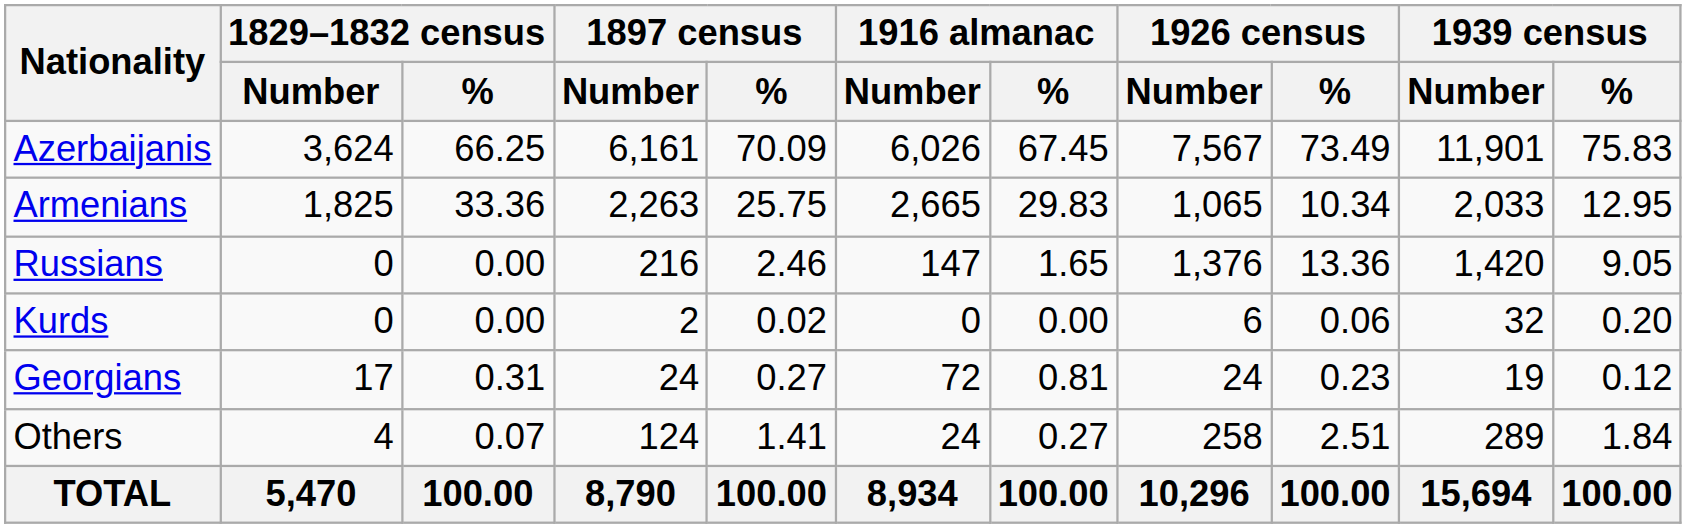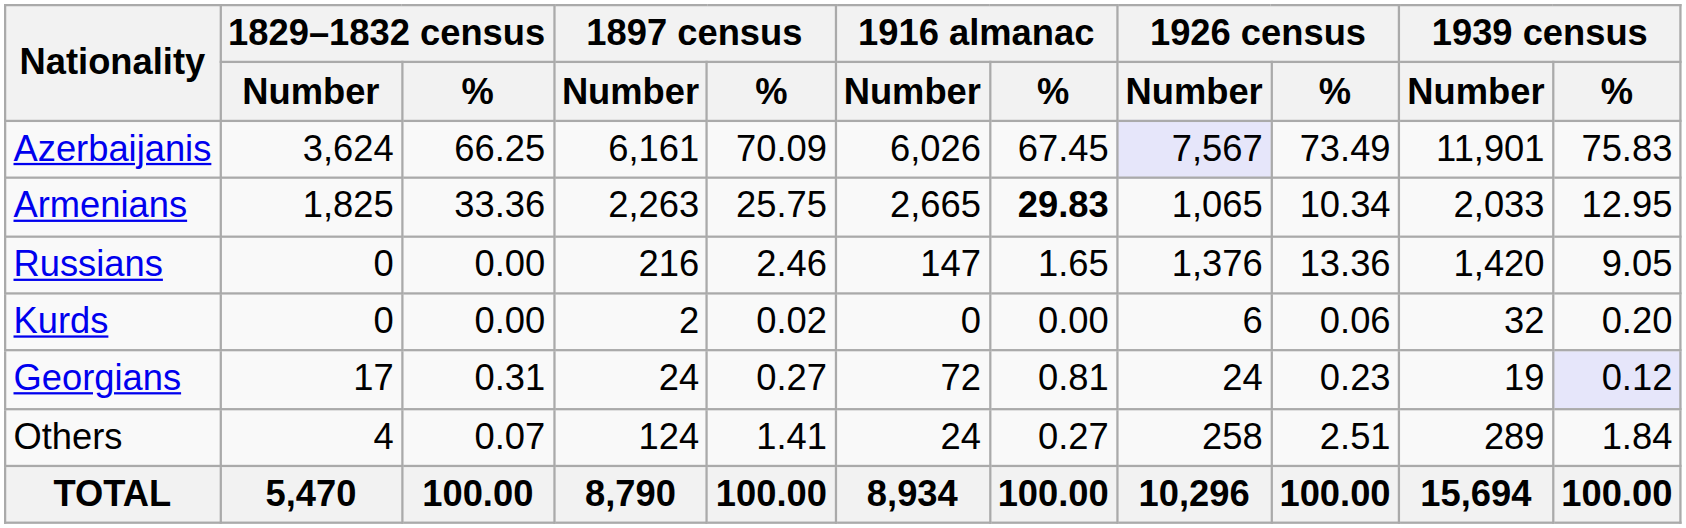 <table class="wikitable sortable">
 <tr>
 <th rowspan="2">Nationality</th>
 <th colspan="2">1829–1832 census</th>
 <th colspan="2">1897 census</th>
 <th colspan="2">1916 almanac</th>
 <th colspan="2">1926 census</th>
 <th colspan="2">1939 census</th>
 </tr>
 <tr>
 <th>Number</th>
 <th>%</th>
 <th>Number</th>
 <th>%</th>
 <th>Number</th>
 <th>%</th>
 <th>Number</th>
 <th>%</th>
 <th>Number</th>
 <th>%</th>
 </tr>
 <tr>
 <td><a href='#'>Azerbaijanis</a></td>
 <td align="right">3,624</td>
 <td align="right">66.25</td>
 <td align="right">6,161</td>
 <td align="right">70.09</td>
 <td align="right">6,026</td>
 <td align="right">67.45</td>
-<td align="right">7,567</td>
+<td align="right" style="background: lavender;">7,567</td>
 <td align="right">73.49</td>
 <td align="right">11,901</td>
 <td align="right">75.83</td>
 </tr>
 <tr>
 <td><a href='#'>Armenians</a></td>
 <td align="right">1,825</td>
 <td align="right">33.36</td>
 <td align="right">2,263</td>
 <td align="right">25.75</td>
 <td align="right">2,665</td>
-<td align="right">29.83</td>
+<td align="right"><strong>29.83</strong></td>
 <td align="right">1,065</td>
 <td align="right">10.34</td>
 <td align="right">2,033</td>
 <td align="right">12.95</td>
 </tr>
 <tr>
 <td><a href='#'>Russians</a></td>
 <td align="right">0</td>
 <td align="right">0.00</td>
 <td align="right">216</td>
 <td align="right">2.46</td>
 <td align="right">147</td>
 <td align="right">1.65</td>
 <td align="right">1,376</td>
 <td align="right">13.36</td>
 <td align="right">1,420</td>
 <td align="right">9.05</td>
 </tr>
 <tr>
 <td><a href='#'>Kurds</a></td>
 <td align="right">0</td>
 <td align="right">0.00</td>
 <td align="right">2</td>
 <td align="right">0.02</td>
 <td align="right">0</td>
 <td align="right">0.00</td>
 <td align="right">6</td>
 <td align="right">0.06</td>
 <td align="right">32</td>
 <td align="right">0.20</td>
 </tr>
 <tr>
 <td><a href='#'>Georgians</a></td>
 <td align="right">17</td>
 <td align="right">0.31</td>
 <td align="right">24</td>
 <td align="right">0.27</td>
 <td align="right">72</td>
 <td align="right">0.81</td>
 <td align="right">24</td>
 <td align="right">0.23</td>
 <td align="right">19</td>
-<td align="right">0.12</td>
+<td align="right" style="background: lavender;">0.12</td>
 </tr>
 <tr>
 <td>Others</td>
 <td align="right">4</td>
 <td align="right">0.07</td>
 <td align="right">124</td>
 <td align="right">1.41</td>
 <td align="right">24</td>
 <td align="right">0.27</td>
 <td align="right">258</td>
 <td align="right">2.51</td>
 <td align="right">289</td>
 <td align="right">1.84</td>
 </tr>
 <tr>
 <th>TOTAL</th>
 <th>5,470</th>
 <th>100.00</th>
 <th>8,790</th>
 <th>100.00</th>
 <th>8,934</th>
 <th>100.00</th>
 <th>10,296</th>
 <th>100.00</th>
 <th>15,694</th>
 <th>100.00</th>
 </tr>
 </table>
